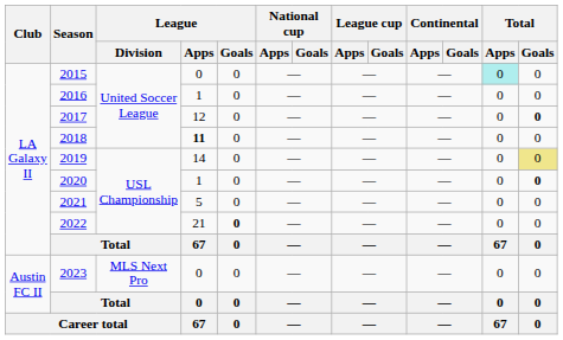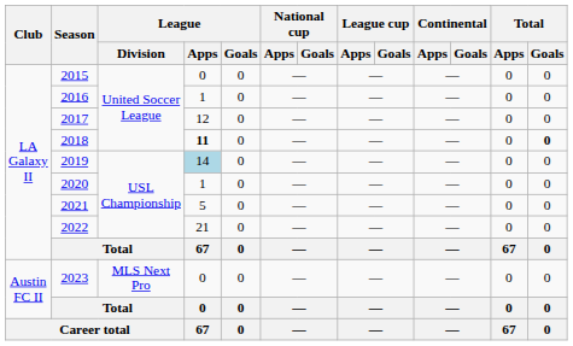 <table class="wikitable" style="text-align:center">
 <tr>
 <th rowspan="2">Club</th>
 <th rowspan="2">Season</th>
 <th colspan="3">League</th>
 <th colspan="2">National cup</th>
 <th colspan="2">League cup</th>
 <th colspan="2">Continental</th>
 <th colspan="2">Total</th>
 </tr>
 <tr>
 <th>Division</th>
 <th>Apps</th>
 <th>Goals</th>
 <th>Apps</th>
 <th>Goals</th>
 <th>Apps</th>
 <th>Goals</th>
 <th>Apps</th>
 <th>Goals</th>
 <th>Apps</th>
 <th>Goals</th>
 </tr>
 <tr>
 <td rowspan="9"><a href='#'>LA Galaxy II</a></td>
 <td><a href='#'>2015</a></td>
 <td rowspan="4"><a href='#'>United Soccer League</a></td>
 <td>0</td>
 <td>0</td>
 <td colspan="2">—</td>
 <td colspan="2">—</td>
 <td colspan="2">—</td>
-<td style="background: paleturquoise;">0</td>
+<td>0</td>
 <td>0</td>
 </tr>
 <tr>
 <td><a href='#'>2016</a></td>
 <td>1</td>
 <td>0</td>
 <td colspan="2">—</td>
 <td colspan="2">—</td>
 <td colspan="2">—</td>
 <td>0</td>
 <td>0</td>
 </tr>
 <tr>
 <td><a href='#'>2017</a></td>
 <td>12</td>
 <td>0</td>
 <td colspan="2">—</td>
 <td colspan="2">—</td>
 <td colspan="2">—</td>
 <td>0</td>
-<td><strong>0</strong></td>
+<td>0</td>
 </tr>
 <tr>
 <td><a href='#'>2018</a></td>
 <td><strong>11</strong></td>
 <td>0</td>
 <td colspan="2">—</td>
 <td colspan="2">—</td>
 <td colspan="2">—</td>
 <td>0</td>
-<td>0</td>
+<td><strong>0</strong></td>
 </tr>
 <tr>
 <td><a href='#'>2019</a></td>
 <td rowspan="4"><a href='#'>USL Championship</a></td>
-<td>14</td>
+<td style="background: lightblue;">14</td>
 <td>0</td>
 <td colspan="2">—</td>
 <td colspan="2">—</td>
 <td colspan="2">—</td>
 <td>0</td>
-<td style="background: khaki;">0</td>
+<td>0</td>
 </tr>
 <tr>
 <td><a href='#'>2020</a></td>
 <td>1</td>
 <td>0</td>
 <td colspan="2">—</td>
 <td colspan="2">—</td>
 <td colspan="2">—</td>
 <td>0</td>
-<td><strong>0</strong></td>
+<td>0</td>
 </tr>
 <tr>
 <td><a href='#'>2021</a></td>
 <td>5</td>
 <td>0</td>
 <td colspan="2">—</td>
 <td colspan="2">—</td>
 <td colspan="2">—</td>
 <td>0</td>
 <td>0</td>
 </tr>
 <tr>
 <td><a href='#'>2022</a></td>
 <td>21</td>
-<td><strong>0</strong></td>
+<td>0</td>
 <td colspan="2">—</td>
 <td colspan="2">—</td>
 <td colspan="2">—</td>
 <td>0</td>
 <td>0</td>
 </tr>
 <tr>
 <th colspan="2">Total</th>
 <th>67</th>
 <th>0</th>
 <th colspan="2">—</th>
 <th colspan="2">—</th>
 <th colspan="2">—</th>
 <th>67</th>
 <th>0</th>
 </tr>
 <tr>
 <td rowspan=2><a href='#'>Austin FC II</a></td>
 <td><a href='#'>2023</a></td>
 <td><a href='#'>MLS Next Pro</a></td>
 <td>0</td>
 <td>0</td>
 <td colspan="2">—</td>
 <td colspan="2">—</td>
 <td colspan="2">—</td>
 <td>0</td>
 <td>0</td>
 </tr>
 <tr>
 <th colspan="2">Total</th>
 <th>0</th>
 <th>0</th>
 <th colspan="2">—</th>
 <th colspan="2">—</th>
 <th colspan="2">—</th>
 <th>0</th>
 <th>0</th>
 </tr>
 <tr>
 <th colspan="3">Career total</th>
 <th>67</th>
 <th>0</th>
 <th colspan="2">—</th>
 <th colspan="2">—</th>
 <th colspan="2">—</th>
 <th>67</th>
 <th>0</th>
 </tr>
 </table>
